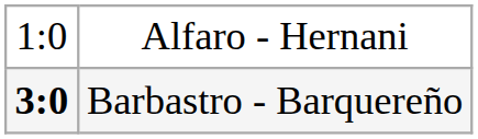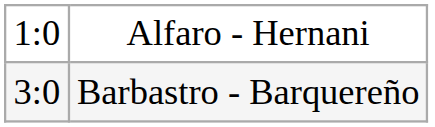 <table class="wikitable">
 <tr align=center bgcolor=white>
 <td>1:0</td>
 <td>Alfaro - Hernani</td>
 </tr>
 <tr align=center bgcolor=#F5F5F5>
-<td><strong>3:0</strong></td>
+<td>3:0</td>
 <td>Barbastro - Barquereño</td>
 </tr>
 </table>
